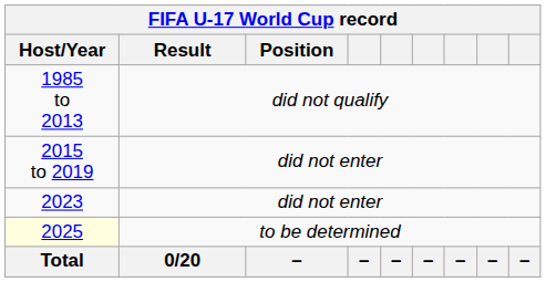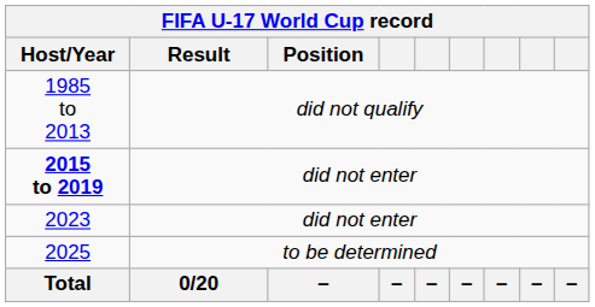 <table class="wikitable collapsible" style="text-align: center;">
 <tr>
 <th colspan="9"><a href='#'>FIFA U-17 World Cup</a> record</th>
 </tr>
 <tr>
 <th width="90">Host/Year</th>
 <th width="100">Result</th>
 <th width="80">Position</th>
 <th width="20"></th>
 <th width="20"></th>
 <th width="20"></th>
 <th width="20"></th>
 <th width="20"></th>
 <th width="20"></th>
 </tr>
 <tr>
 <td> <a href='#'>1985</a><br>to<br> <a href='#'>2013</a></td>
 <td colspan="8"><em>did not qualify</em></td>
 </tr>
 <tr>
-<td> <a href='#'>2015</a><br>to  <a href='#'>2019</a></td>
+<td><strong> <a href='#'>2015</a><br>to  <a href='#'>2019</a></strong></td>
 <td colspan="8"><em>did not enter</em></td>
 </tr>
 <tr>
 <td> <a href='#'>2023</a></td>
 <td colspan="8"><em>did not enter</em></td>
 </tr>
 <tr>
-<td style="background: lightyellow;"> <a href='#'>2025</a></td>
+<td> <a href='#'>2025</a></td>
 <td colspan="8"><em>to be determined</em></td>
 </tr>
 <tr>
 <th>Total</th>
 <th>0/20</th>
 <th><strong>–</strong></th>
 <th><strong>–</strong></th>
 <th><strong>–</strong></th>
 <th><strong>–</strong></th>
 <th><strong>–</strong></th>
 <th><strong>–</strong></th>
 <th><strong>–</strong></th>
 </tr>
 </table>
